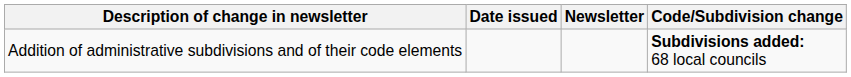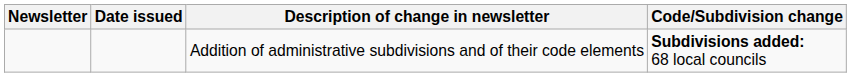 <table class="wikitable">
 <tr>
+<th>Newsletter</th>
+<th>Date issued</th>
 <th>Description of change in newsletter</th>
-<th>Date issued</th>
-<th>Newsletter</th>
 <th>Code/Subdivision change</th>
 </tr>
 <tr>
+<td id="I-9"></td>
+<td></td>
 <td>Addition of administrative subdivisions and of their code elements</td>
-<td></td>
-<td id="I-9"></td>
 <td style=white-space:nowrap><strong>Subdivisions added:</strong><br> 68 local councils</td>
 </tr>
 </table>
